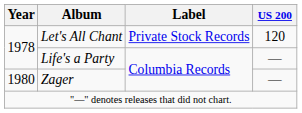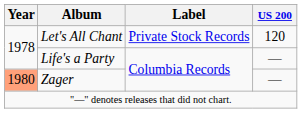 <table class="wikitable">
 <tr>
 <th>Year</th>
 <th>Album</th>
 <th>Label</th>
 <th style="width:45px;"><small><a href='#'>US 200</a></small><br></th>
 </tr>
 <tr>
 <td rowspan="2">1978</td>
 <td><em>Let's All Chant</em></td>
 <td><a href='#'>Private Stock Records</a></td>
 <td align=center>120</td>
 </tr>
 <tr>
 <td><em>Life's a Party</em></td>
 <td rowspan="2"><a href='#'>Columbia Records</a></td>
 <td align=center>—</td>
 </tr>
 <tr>
-<td>1980</td>
+<td style="background: lightsalmon;">1980</td>
 <td><em>Zager</em></td>
 <td align=center>—</td>
 </tr>
 <tr>
 <td colspan="4" style="text-align:center; font-size:9pt;">"—" denotes releases that did not chart.</td>
 </tr>
 </table>
